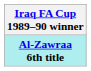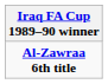 <table class="wikitable" style="text-align: center; margin: 0 auto;">
 <tr>
 <th><a href='#'>Iraq FA Cup</a><br>1989–90 winner</th>
 </tr>
 <tr>
-<td style="background: paleturquoise;"><strong><a href='#'>Al-Zawraa</a></strong><br><strong>6th title</strong></td>
+<td><strong><a href='#'>Al-Zawraa</a></strong><br><strong>6th title</strong></td>
 </tr>
 </table>
